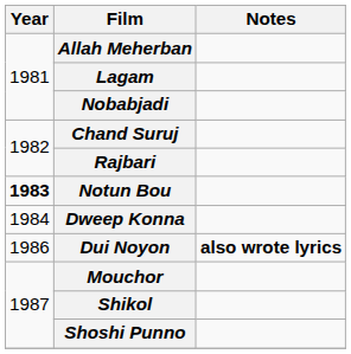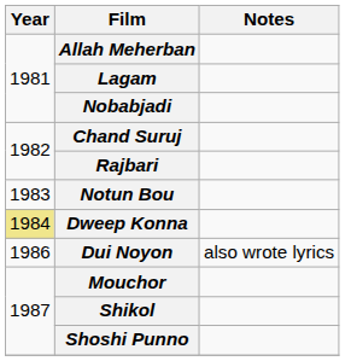 <table class="wikitable sortable">
 <tr>
 <th>Year</th>
 <th>Film</th>
 <th>Notes</th>
 </tr>
 <tr>
 <td rowspan=3>1981</td>
 <th><em>Allah Meherban</em></th>
 <td></td>
 </tr>
 <tr>
 <th><em>Lagam</em></th>
 <td></td>
 </tr>
 <tr>
 <th><em>Nobabjadi</em></th>
 <td></td>
 </tr>
 <tr>
 <td rowspan=2>1982</td>
 <th><em>Chand Suruj</em></th>
 <td></td>
 </tr>
 <tr>
 <th><em>Rajbari</em></th>
 <td></td>
 </tr>
 <tr>
-<td><strong>1983</strong></td>
+<td>1983</td>
 <th><em>Notun Bou</em></th>
 <td></td>
 </tr>
 <tr>
-<td rowspan=1>1984</td>
+<td rowspan=1 style="background: khaki;">1984</td>
 <th><em>Dweep Konna</em></th>
 <td></td>
 </tr>
 <tr>
 <td>1986</td>
 <th><em>Dui Noyon</em></th>
-<td><strong>also wrote lyrics</strong></td>
+<td>also wrote lyrics</td>
 </tr>
 <tr>
 <td rowspan=3>1987</td>
 <th><em>Mouchor</em></th>
 <td></td>
 </tr>
 <tr>
 <th><em>Shikol</em></th>
 <td></td>
 </tr>
 <tr>
 <th><em>Shoshi Punno</em></th>
 <td></td>
 </tr>
 <tr>
 </tr>
 </table>
